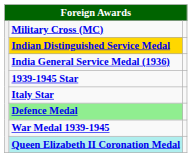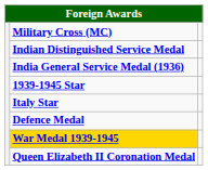 <table class="wikitable">
 <tr>
 <th colspan="3" style="background:#006400; color:#FFFFFF; text-align:center"><strong>Foreign Awards</strong></th>
 </tr>
 <tr>
 <th rowspan="8"><strong></strong></th>
 <td><a href='#'><strong>Military Cross (MC)</strong></a></td>
 <td></td>
 </tr>
 <tr>
-<td style="background: gold;"><strong><a href='#'>Indian Distinguished Service Medal</a></strong></td>
+<td><strong><a href='#'>Indian Distinguished Service Medal</a></strong></td>
 <td></td>
 </tr>
 <tr>
 <td><strong><a href='#'>India General Service Medal (1936)</a></strong></td>
 <td></td>
 </tr>
 <tr>
 <td><strong><a href='#'>1939-1945 Star</a></strong></td>
 <td></td>
 </tr>
 <tr>
 <td><strong><a href='#'>Italy Star</a></strong></td>
 <td></td>
 </tr>
 <tr>
-<td style="background: lightgreen;"><strong><a href='#'>Defence Medal</a></strong></td>
+<td><strong><a href='#'>Defence Medal</a></strong></td>
 <td></td>
 </tr>
 <tr>
-<td><strong><a href='#'>War Medal 1939-1945</a></strong></td>
+<td style="background: gold;"><strong><a href='#'>War Medal 1939-1945</a></strong></td>
 <td></td>
 </tr>
 <tr>
-<td style="background: paleturquoise;"><strong><a href='#'>Queen Elizabeth II Coronation Medal</a></strong></td>
+<td><strong><a href='#'>Queen Elizabeth II Coronation Medal</a></strong></td>
 <td></td>
 </tr>
 </table>
